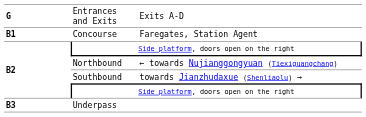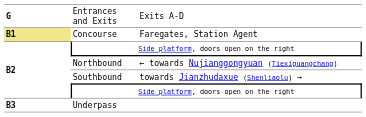 <table cellspacing=0 cellpadding=3>
 <tr>
 <td style="border-top:solid 1px gray;border-bottom:solid 1px gray;" width=100><strong>G</strong></td>
 <td style="border-top:solid 1px gray;border-bottom:solid 1px gray;" width=100>Entrances and Exits</td>
 <td style="border-top:solid 1px gray;border-bottom:solid 1px gray;" width=350>Exits A-D</td>
 </tr>
 <tr>
-<td style="border-bottom:solid 1px gray;"><strong>B1</strong></td>
+<td style="background: khaki; border-bottom:solid 1px gray;"><strong>B1</strong></td>
 <td style="border-bottom:solid 1px gray;">Concourse</td>
 <td style="border-bottom:solid 1px gray;">Faregates, Station Agent</td>
 </tr>
 <tr>
 <td style="border-bottom:solid 1px gray;" rowspan=4><strong>B2</strong></td>
 <td style="border-right:solid 2px black;border-left:solid 2px black;border-bottom:solid 2px black;text-align:center;" colspan=2><small><a href='#'>Side platform</a>, doors open on the right</small></td>
 </tr>
 <tr>
 <td style="border-bottom:solid 1px gray;">Northbound</td>
 <td style="border-bottom:solid 1px gray;">←  towards <a href='#'>Nujianggongyuan</a> <small>(<a href='#'>Tiexiguangchang</a>)</small></td>
 </tr>
 <tr>
 <td>Southbound</td>
 <td>  towards <a href='#'>Jianzhudaxue</a> <small>(<a href='#'>Shenliaolu</a>)</small> →</td>
 </tr>
 <tr>
 <td style="border-top:solid 2px black;border-right:solid 2px black;border-left:solid 2px black;border-bottom:solid 1px gray;text-align:center;" colspan=2><small><a href='#'>Side platform</a>, doors open on the right</small></td>
 </tr>
 <tr>
 <td style="border-bottom:solid 1px gray;"><strong>B3</strong></td>
 <td style="border-bottom:solid 1px gray;">Underpass</td>
 <td style="border-bottom:solid 1px gray;"></td>
 </tr>
 </table>
